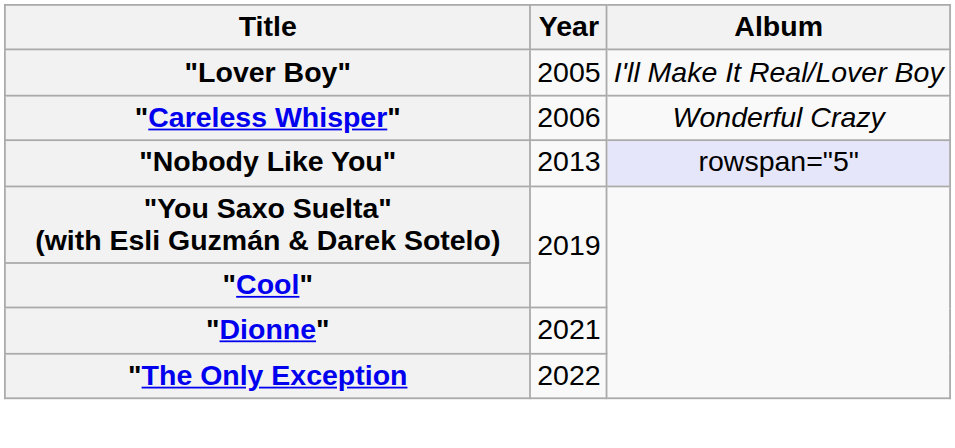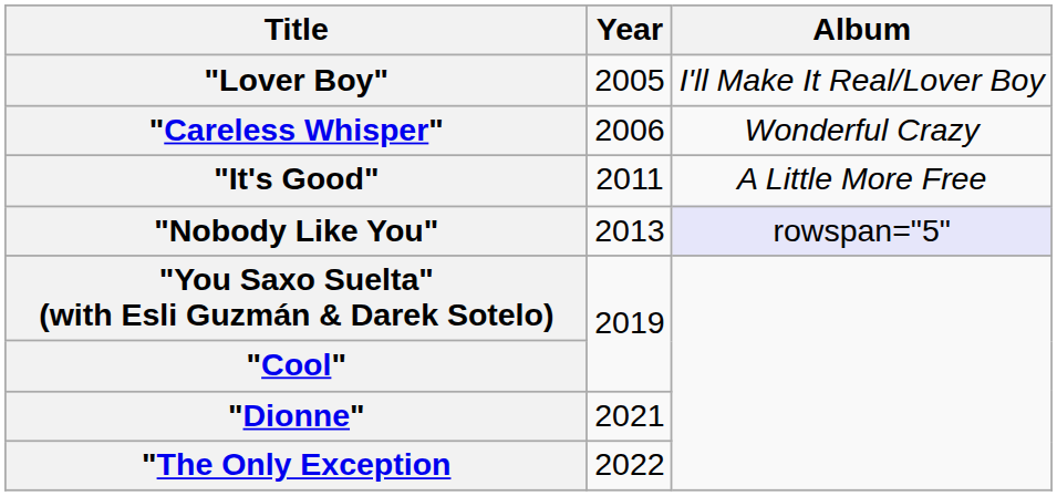 <table class="wikitable plainrowheaders" style="text-align:center;" border="1">
 <tr>
 <th scope="col" style="width:18em;">Title</th>
 <th scope="col">Year</th>
 <th scope="col">Album</th>
 </tr>
 <tr>
 <th scope="row">"Lover Boy"</th>
 <td>2005</td>
 <td><em>I'll Make It Real/Lover Boy</em></td>
 </tr>
 <tr>
 <th scope="row">"<a href='#'>Careless Whisper</a>"</th>
 <td>2006</td>
 <td><em>Wonderful Crazy</em></td>
+</tr>
+<tr>
+<th scope="row">"It's Good"</th>
+<td>2011</td>
+<td><em>A Little More Free</em></td>
 </tr>
 <tr>
 <th scope="row">"Nobody Like You"</th>
 <td>2013</td>
 <td style="background: lavender;">rowspan="5" </td>
 </tr>
 <tr>
 <th scope="row">"You Saxo Suelta"<br><span>(with Esli Guzmán & Darek Sotelo)</span></th>
 <td rowspan="2">2019</td>
 </tr>
 <tr>
 <th scope="row">"<a href='#'>Cool</a>"</th>
 </tr>
 <tr>
 <th scope="row">"<a href='#'>Dionne</a>"</th>
 <td>2021</td>
 </tr>
 <tr>
 <th scope="row">"<a href='#'>The Only Exception</a></th>
 <td>2022</td>
 </tr>
 </table>
